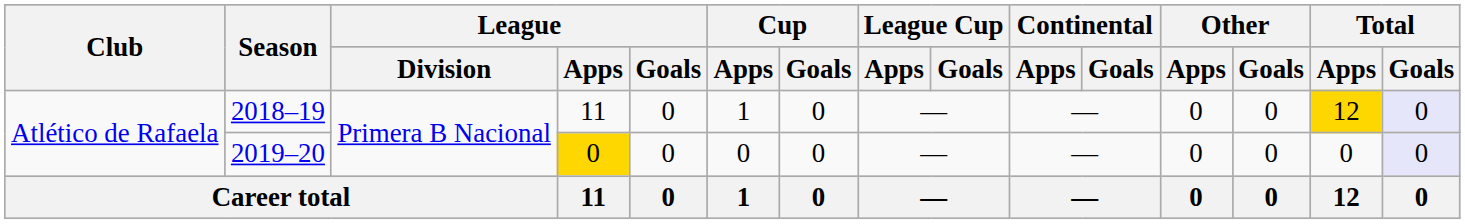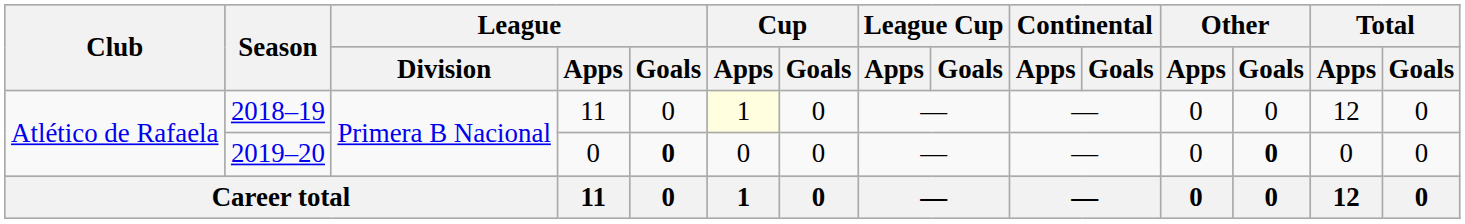 <table class="wikitable" style="text-align:center">
 <tr>
 <th rowspan="2">Club</th>
 <th rowspan="2">Season</th>
 <th colspan="3">League</th>
 <th colspan="2">Cup</th>
 <th colspan="2">League Cup</th>
 <th colspan="2">Continental</th>
 <th colspan="2">Other</th>
 <th colspan="2">Total</th>
 </tr>
 <tr>
 <th>Division</th>
 <th>Apps</th>
 <th>Goals</th>
 <th>Apps</th>
 <th>Goals</th>
 <th>Apps</th>
 <th>Goals</th>
 <th>Apps</th>
 <th>Goals</th>
 <th>Apps</th>
 <th>Goals</th>
 <th>Apps</th>
 <th>Goals</th>
 </tr>
 <tr>
 <td rowspan="2"><a href='#'>Atlético de Rafaela</a></td>
 <td><a href='#'>2018–19</a></td>
 <td rowspan="2"><a href='#'>Primera B Nacional</a></td>
 <td>11</td>
 <td>0</td>
-<td>1</td>
+<td style="background: lightyellow;">1</td>
 <td>0</td>
 <td colspan="2">—</td>
 <td colspan="2">—</td>
 <td>0</td>
 <td>0</td>
-<td style="background: gold;">12</td>
-<td style="background: lavender;">0</td>
+<td>12</td>
+<td>0</td>
 </tr>
 <tr>
 <td><a href='#'>2019–20</a></td>
-<td style="background: gold;">0</td>
 <td>0</td>
+<td><strong>0</strong></td>
 <td>0</td>
 <td>0</td>
 <td colspan="2">—</td>
 <td colspan="2">—</td>
 <td>0</td>
+<td><strong>0</strong></td>
 <td>0</td>
 <td>0</td>
-<td style="background: lavender;">0</td>
 </tr>
 <tr>
 <th colspan="3">Career total</th>
 <th>11</th>
 <th>0</th>
 <th>1</th>
 <th>0</th>
 <th colspan="2">—</th>
 <th colspan="2">—</th>
 <th>0</th>
 <th>0</th>
 <th>12</th>
 <th>0</th>
 </tr>
 </table>
